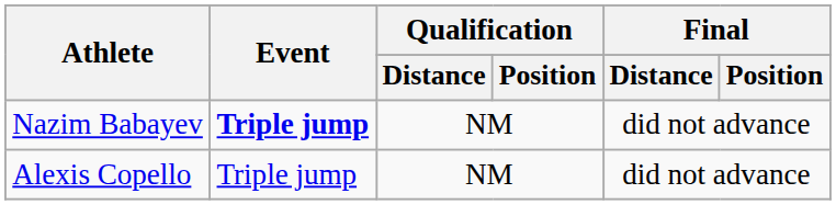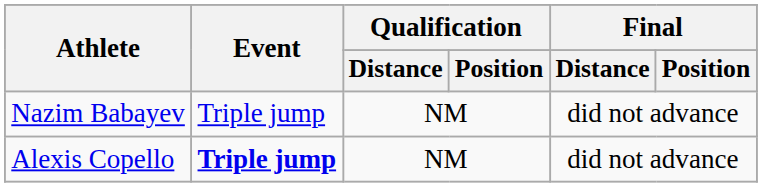 <table class=wikitable style=font-size:90%>
 <tr>
 <th rowspan=2>Athlete</th>
 <th rowspan=2>Event</th>
 <th colspan=2>Qualification</th>
 <th colspan=2>Final</th>
 </tr>
 <tr style=font-size:95%>
 <th>Distance</th>
 <th>Position</th>
 <th>Distance</th>
 <th>Position</th>
 </tr>
 <tr align=center>
 <td align=left><a href='#'>Nazim Babayev</a></td>
-<td align=left><strong><a href='#'>Triple jump</a></strong></td>
+<td align=left><a href='#'>Triple jump</a></td>
 <td colspan=2>NM</td>
 <td colspan=2>did not advance</td>
 </tr>
 <tr align=center>
 <td align=left><a href='#'>Alexis Copello</a></td>
-<td align=left><a href='#'>Triple jump</a></td>
+<td align=left><strong><a href='#'>Triple jump</a></strong></td>
 <td colspan=2>NM</td>
 <td colspan=2>did not advance</td>
 </tr>
 </table>
